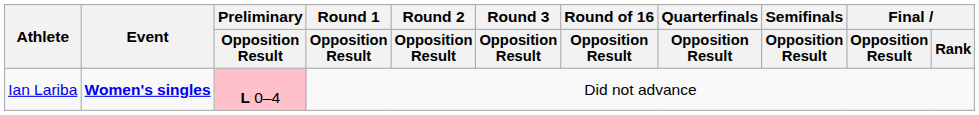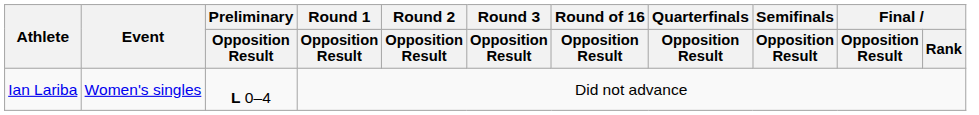 <table class="wikitable" style="font-size:90%;">
 <tr>
 <th rowspan=2>Athlete</th>
 <th rowspan=2>Event</th>
 <th>Preliminary</th>
 <th>Round 1</th>
 <th>Round 2</th>
 <th>Round 3</th>
 <th>Round of 16</th>
 <th>Quarterfinals</th>
 <th>Semifinals</th>
 <th colspan=2>Final / </th>
 </tr>
 <tr style="font-size:95%">
 <th>Opposition<br>Result</th>
 <th>Opposition<br>Result</th>
 <th>Opposition<br>Result</th>
 <th>Opposition<br>Result</th>
 <th>Opposition<br>Result</th>
 <th>Opposition<br>Result</th>
 <th>Opposition<br>Result</th>
 <th>Opposition<br>Result</th>
 <th>Rank</th>
 </tr>
 <tr align=center>
 <td align=left><a href='#'>Ian Lariba</a></td>
-<td align=left><strong><a href='#'>Women's singles</a></strong></td>
-<td style="background: pink;"><br><strong>L</strong> 0–4</td>
+<td align=left><a href='#'>Women's singles</a></td>
+<td><br><strong>L</strong> 0–4</td>
 <td colspan=8>Did not advance</td>
 </tr>
 </table>
